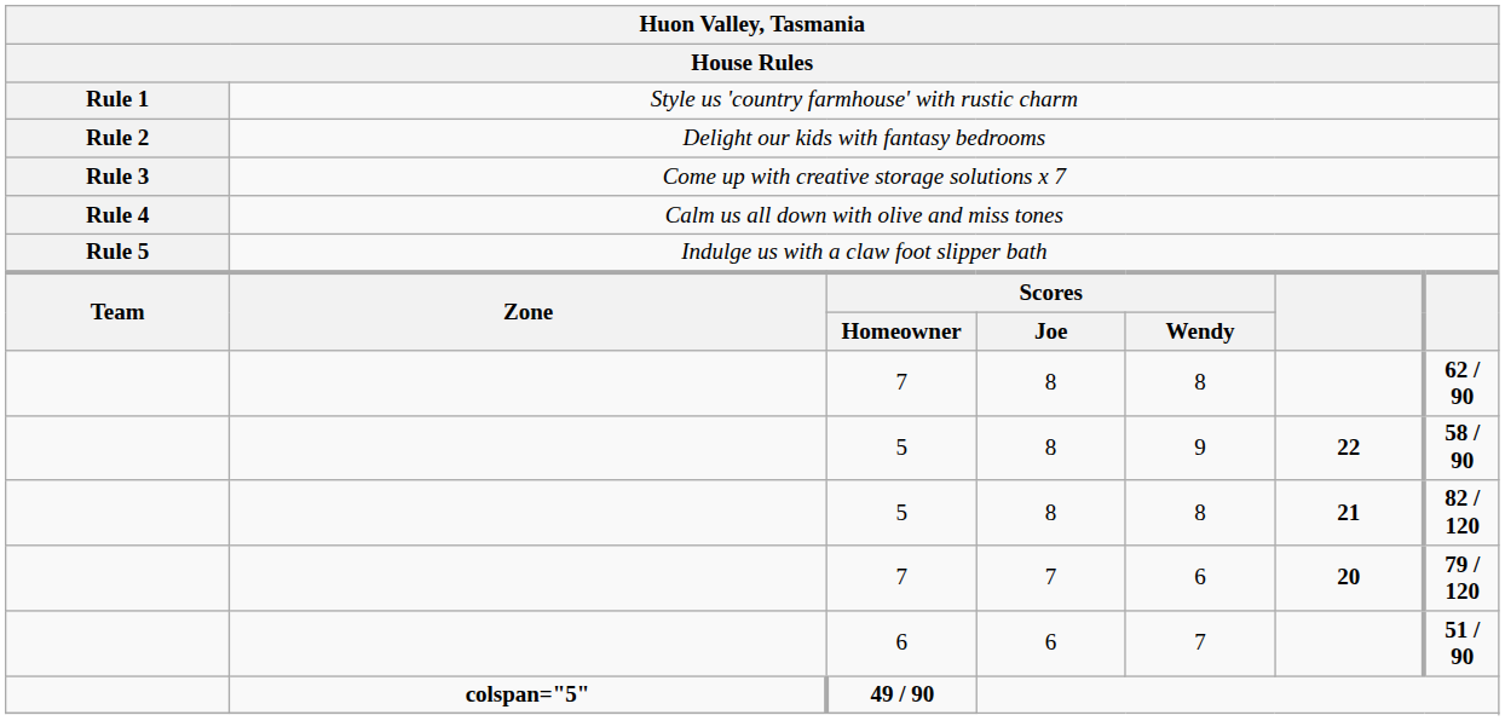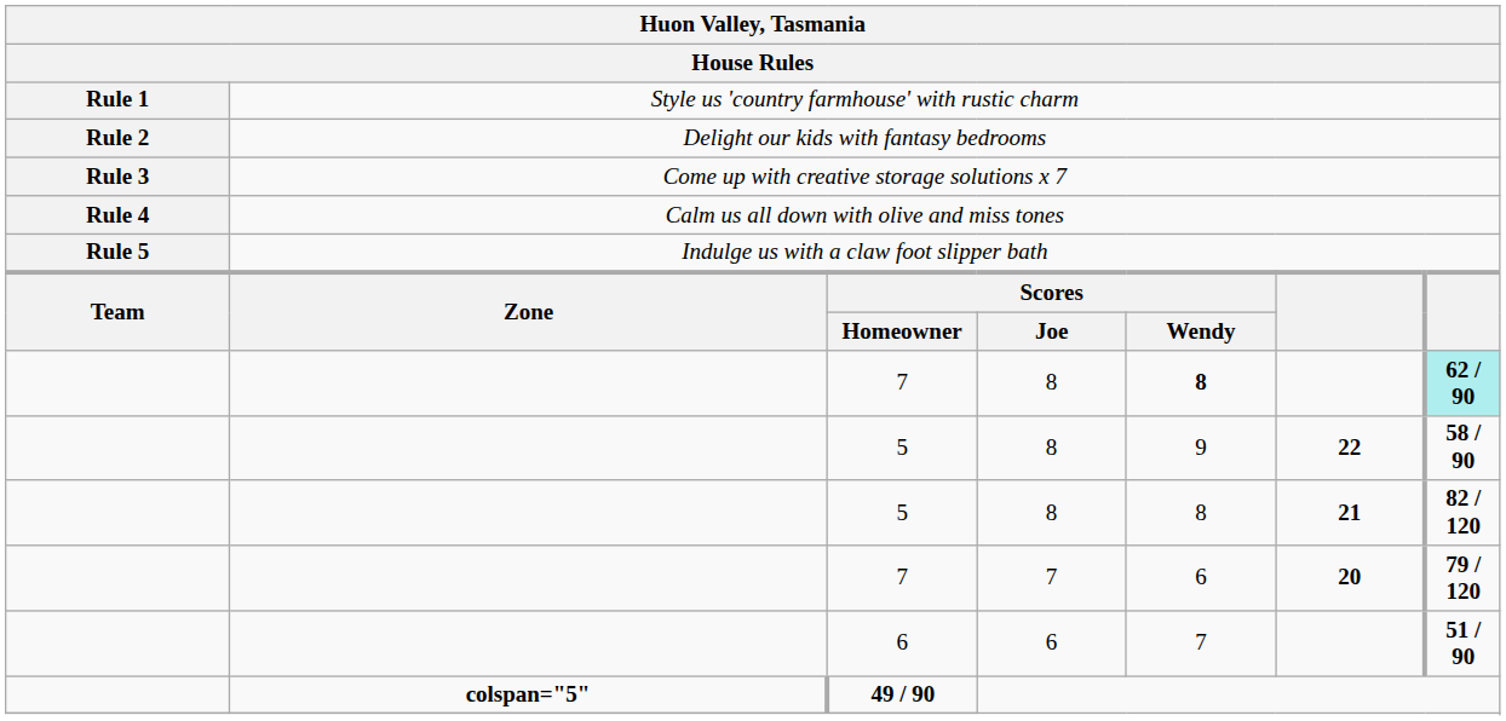 <table class="wikitable plainrowheaders" style="text-align:center; font-size:90%; width:65em;">
 <tr>
 <th colspan="7" >Huon Valley, Tasmania</th>
 </tr>
 <tr>
 <th colspan="7">House Rules</th>
 </tr>
 <tr>
 <th>Rule 1</th>
 <td colspan="6"><em>Style us 'country farmhouse' with rustic charm</em></td>
 </tr>
 <tr>
 <th>Rule 2</th>
 <td colspan="6"><em>Delight our kids with fantasy bedrooms</em></td>
 </tr>
 <tr>
 <th>Rule 3</th>
 <td colspan="6"><em>Come up with creative storage solutions x 7</em></td>
 </tr>
 <tr>
 <th>Rule 4</th>
 <td colspan="6"><em>Calm us all down with olive and miss tones</em></td>
 </tr>
 <tr>
 <th>Rule 5</th>
 <td colspan="6"><em>Indulge us with a claw foot slipper bath</em></td>
 </tr>
 <tr style="border-top:3px solid #aaa;">
 <th rowspan="2">Team</th>
 <th rowspan="2" style="width:40%;">Zone</th>
 <th colspan="3" style="width:40%;">Scores</th>
 <th rowspan="2" style="width:10%;"></th>
 <th rowspan="2" style="width:10%; border-left:3px solid #aaa;"></th>
 </tr>
 <tr>
 <th style="width:10%;">Homeowner</th>
 <th style="width:10%;">Joe</th>
 <th style="width:10%;">Wendy</th>
 </tr>
 <tr>
 <td style="width:15%;"></td>
 <td></td>
 <td>7</td>
 <td>8</td>
-<td>8</td>
+<td><strong>8</strong></td>
 <td></td>
-<td style="border-left:3px solid #aaa;"><strong>62 / 90</strong></td>
+<td style="background: paleturquoise; border-left:3px solid #aaa;"><strong>62 / 90</strong></td>
 </tr>
 <tr>
 <td style="width:15%;"></td>
 <td></td>
 <td>5</td>
 <td>8</td>
 <td>9</td>
 <td><strong>22</strong></td>
 <td style="border-left:3px solid #aaa;"><strong>58 / 90</strong></td>
 </tr>
 <tr>
 <td style="width:15%;"></td>
 <td></td>
 <td>5</td>
 <td>8</td>
 <td>8</td>
 <td><strong>21</strong></td>
 <td style="border-left:3px solid #aaa;"><strong>82 / 120</strong></td>
 </tr>
 <tr>
 <td style="width:15%;"></td>
 <td></td>
 <td>7</td>
 <td>7</td>
 <td>6</td>
 <td><strong>20</strong></td>
 <td style="border-left:3px solid #aaa;"><strong>79 / 120</strong></td>
 </tr>
 <tr>
 <td style="width:15%;"></td>
 <td></td>
 <td>6</td>
 <td>6</td>
 <td>7</td>
 <td></td>
 <td style="border-left:3px solid #aaa;"><strong>51 / 90</strong></td>
 </tr>
 <tr>
 <td style="width:15%;"></td>
 <td><strong>colspan="5" </strong></td>
 <td style="border-left:3px solid #aaa;"><strong>49 / 90</strong></td>
 </tr>
 <tr>
 </tr>
 </table>
